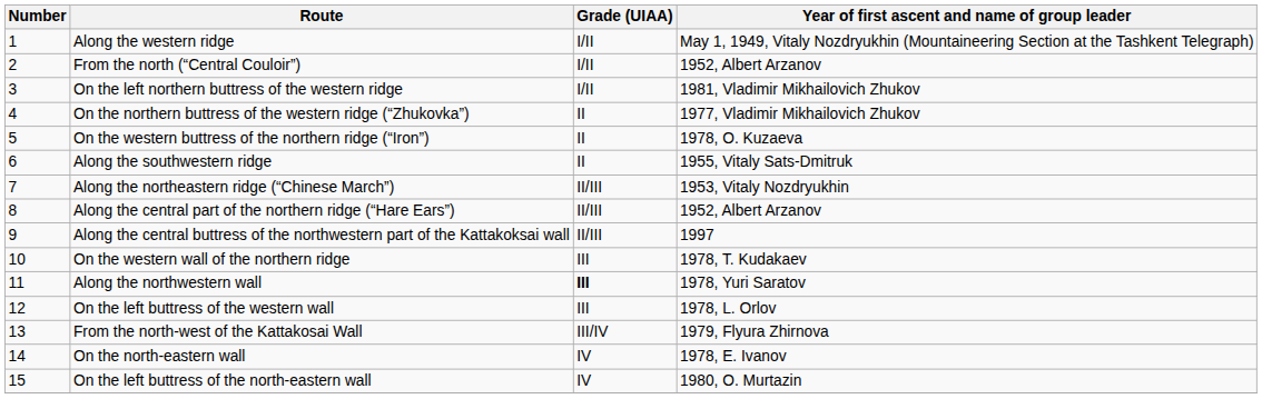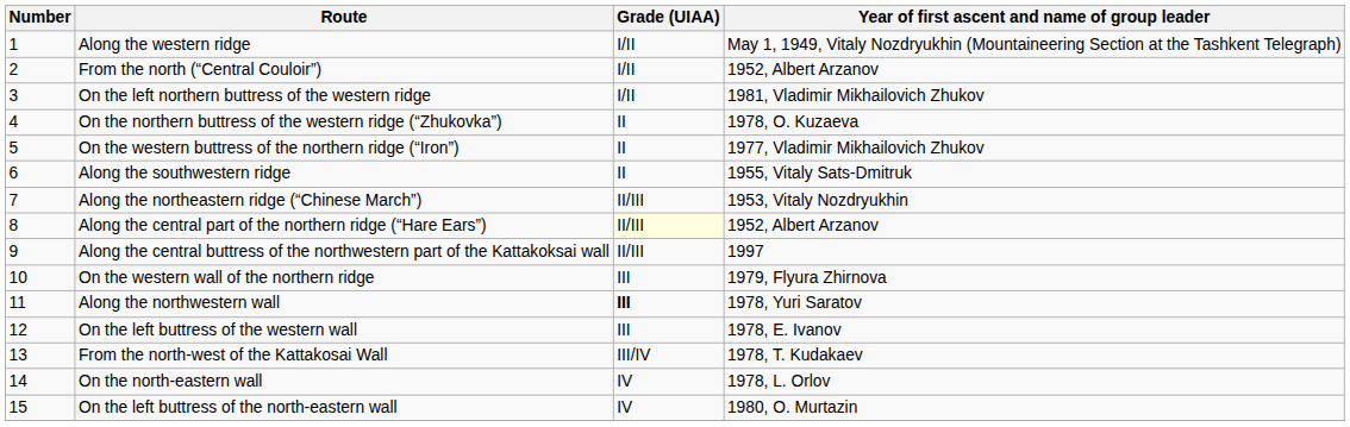 <table class="wikitable">
 <tr>
 <th>Number</th>
 <th>Route</th>
 <th>Grade (UIAA)</th>
 <th>Year of first ascent and name of group leader</th>
 </tr>
 <tr>
 <td>1</td>
 <td>Along the western ridge</td>
 <td>I/II</td>
 <td>May 1, 1949, Vitaly Nozdryukhin (Mountaineering Section at the Tashkent Telegraph)</td>
 </tr>
 <tr>
 <td>2</td>
 <td>From the north (“Central Couloir”)</td>
 <td>I/II</td>
 <td>1952, Albert Arzanov</td>
 </tr>
 <tr>
 <td>3</td>
 <td>On the left northern buttress of the western ridge</td>
 <td>I/II</td>
 <td>1981, Vladimir Mikhailovich Zhukov</td>
 </tr>
 <tr>
 <td>4</td>
 <td>On the northern buttress of the western ridge (“Zhukovka”)</td>
 <td>II</td>
-<td>1977, Vladimir Mikhailovich Zhukov</td>
+<td>1978, O. Kuzaeva</td>
 </tr>
 <tr>
 <td>5</td>
 <td>On the western buttress of the northern ridge (“Iron”)</td>
 <td>II</td>
-<td>1978, O. Kuzaeva</td>
+<td>1977, Vladimir Mikhailovich Zhukov</td>
 </tr>
 <tr>
 <td>6</td>
 <td>Along the southwestern ridge</td>
 <td>II</td>
 <td>1955, Vitaly Sats-Dmitruk</td>
 </tr>
 <tr>
 <td>7</td>
 <td>Along the northeastern ridge (“Chinese March”)</td>
 <td>II/III</td>
 <td>1953, Vitaly Nozdryukhin</td>
 </tr>
 <tr>
 <td>8</td>
 <td>Along the central part of the northern ridge (“Hare Ears”)</td>
-<td>II/III</td>
+<td style="background: lightyellow;">II/III</td>
 <td>1952, Albert Arzanov</td>
 </tr>
 <tr>
 <td>9</td>
 <td>Along the central buttress of the northwestern part of the Kattakoksai wall</td>
 <td>II/III</td>
 <td>1997</td>
 </tr>
 <tr>
 <td>10</td>
 <td>On the western wall of the northern ridge</td>
 <td>III</td>
-<td>1978, T. Kudakaev</td>
+<td>1979, Flyura Zhirnova</td>
 </tr>
 <tr>
 <td>11</td>
 <td>Along the northwestern wall</td>
 <td><strong>III</strong></td>
 <td>1978, Yuri Saratov</td>
 </tr>
 <tr>
 <td>12</td>
 <td>On the left buttress of the western wall</td>
 <td>III</td>
-<td>1978, L. Orlov</td>
+<td>1978, E. Ivanov</td>
 </tr>
 <tr>
 <td>13</td>
 <td>From the north-west of the Kattakosai Wall</td>
 <td>III/IV</td>
-<td>1979, Flyura Zhirnova</td>
+<td>1978, T. Kudakaev</td>
 </tr>
 <tr>
 <td>14</td>
 <td>On the north-eastern wall</td>
 <td>IV</td>
-<td>1978, E. Ivanov</td>
+<td>1978, L. Orlov</td>
 </tr>
 <tr>
 <td>15</td>
 <td>On the left buttress of the north-eastern wall</td>
 <td>IV</td>
 <td>1980, O. Murtazin</td>
 </tr>
 <tr>
 </tr>
 </table>
